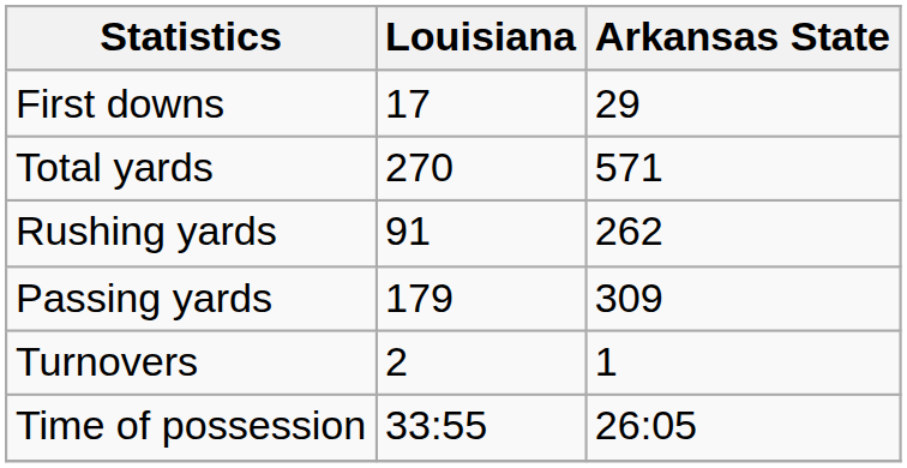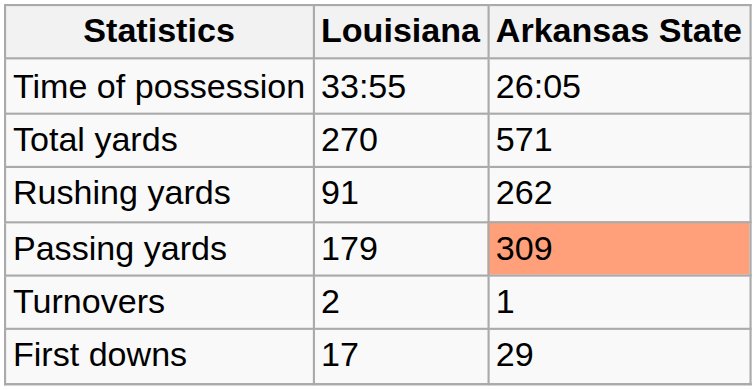 <table class="wikitable">
 <tr>
 <th>Statistics</th>
 <th>Louisiana</th>
 <th>Arkansas State</th>
 </tr>
 <tr>
-<td>First downs</td>
-<td>17</td>
-<td>29</td>
+<td>Time of possession</td>
+<td>33:55</td>
+<td>26:05</td>
 </tr>
 <tr>
 <td>Total yards</td>
 <td>270</td>
 <td>571</td>
 </tr>
 <tr>
 <td>Rushing yards</td>
 <td>91</td>
 <td>262</td>
 </tr>
 <tr>
 <td>Passing yards</td>
 <td>179</td>
-<td>309</td>
+<td style="background: lightsalmon;">309</td>
 </tr>
 <tr>
 <td>Turnovers</td>
 <td>2</td>
 <td>1</td>
 </tr>
 <tr>
-<td>Time of possession</td>
-<td>33:55</td>
-<td>26:05</td>
+<td>First downs</td>
+<td>17</td>
+<td>29</td>
 </tr>
 <tr>
 </tr>
 </table>
